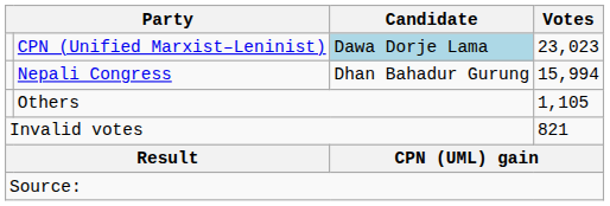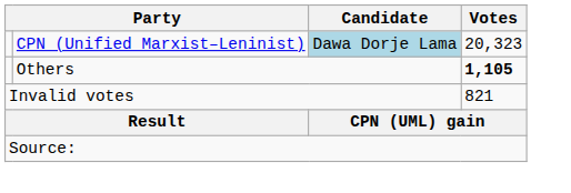 <table class="wikitable">
 <tr>
 <th colspan="2">Party</th>
 <th>Candidate</th>
 <th>Votes</th>
 </tr>
 <tr>
 <td style="background-color:"></td>
 <td><a href='#'>CPN (Unified Marxist–Leninist)</a></td>
 <td style="background: lightblue;">Dawa Dorje Lama</td>
-<td>23,023</td>
-</tr>
-<tr>
-<td style="background-color:"></td>
-<td><a href='#'>Nepali Congress</a></td>
-<td>Dhan Bahadur Gurung</td>
-<td>15,994</td>
+<td>20,323</td>
 </tr>
 <tr>
 <td></td>
 <td colspan="2">Others</td>
-<td>1,105</td>
+<td><strong>1,105</strong></td>
 </tr>
 <tr>
 <td colspan="3">Invalid votes</td>
 <td>821</td>
 </tr>
 <tr>
 <th colspan="2">Result</th>
 <th colspan="2">CPN (UML) gain</th>
 </tr>
 <tr>
 <td colspan="4">Source: </td>
 </tr>
 </table>
